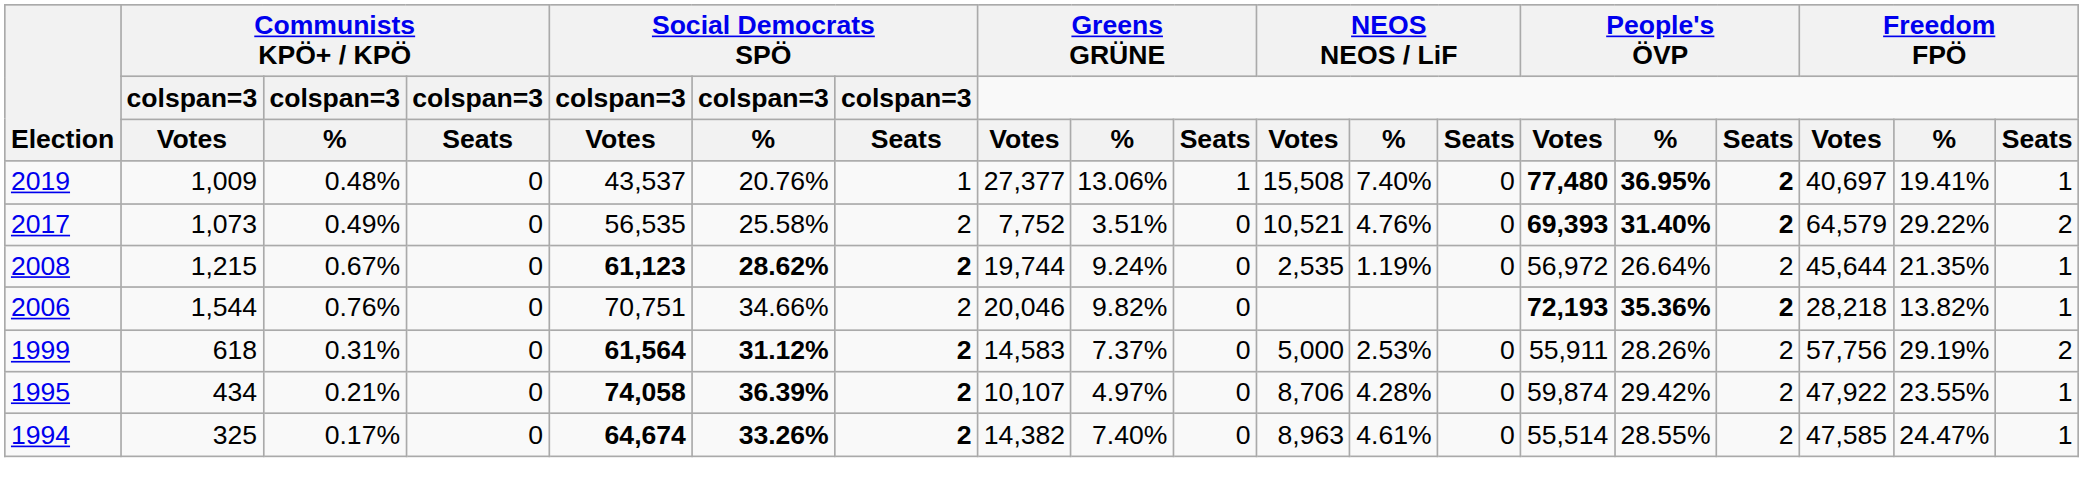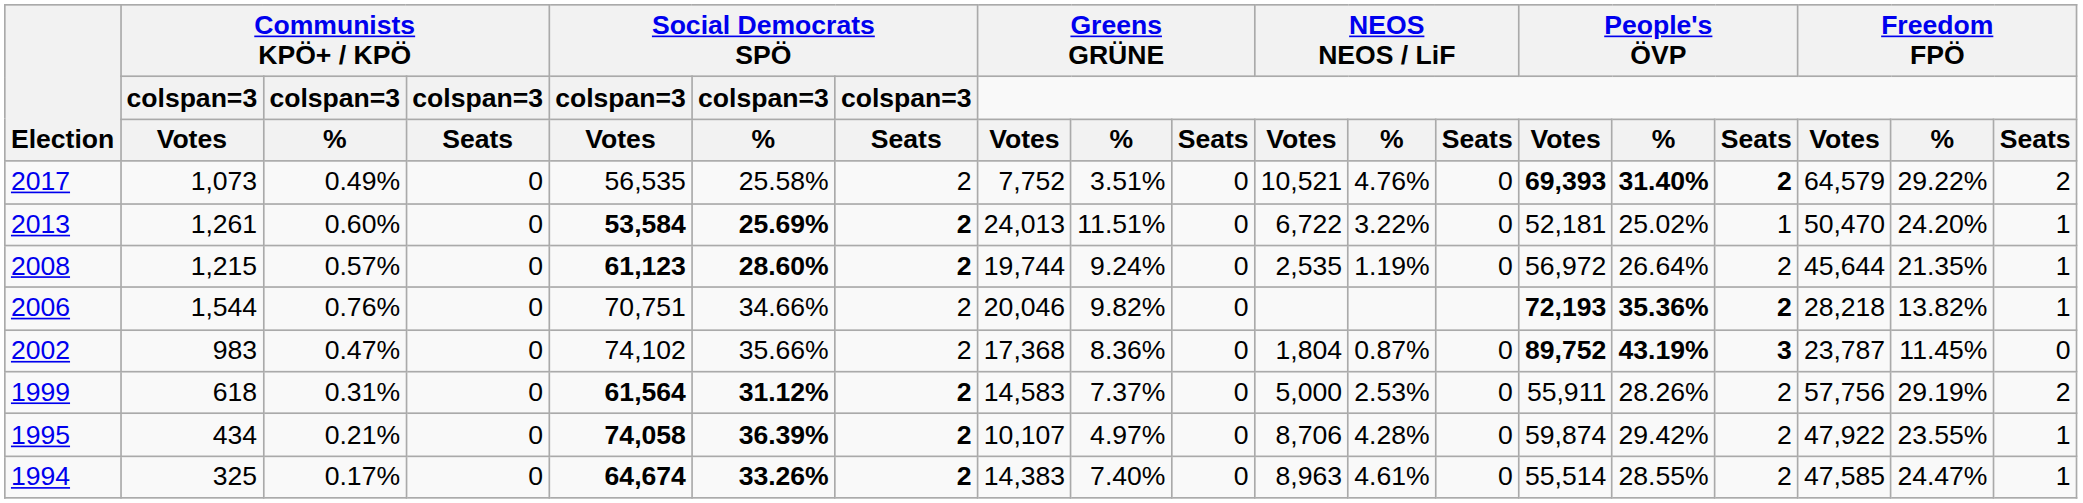 <table class="wikitable" border="1" style="font-size:100%; text-align:right;">
 <tr>
 <th style="text-align:left;" valign=bottom rowspan=3>Election</th>
 <th valign=bottom colspan=3><a href='#'>Communists</a><br>KPÖ+ / KPÖ</th>
 <th valign=bottom colspan=3><a href='#'>Social Democrats</a><br>SPÖ</th>
 <th valign=bottom colspan=3><a href='#'>Greens</a><br>GRÜNE</th>
 <th valign=bottom colspan=3><a href='#'>NEOS</a><br>NEOS / LiF</th>
 <th valign=bottom colspan=3><a href='#'>People's</a><br>ÖVP</th>
 <th valign=bottom colspan=3><a href='#'>Freedom</a><br>FPÖ</th>
 </tr>
 <tr>
 <th>colspan=3 </th>
 <th>colspan=3 </th>
 <th>colspan=3 </th>
 <th>colspan=3 </th>
 <th>colspan=3 </th>
 <th>colspan=3 </th>
 </tr>
 <tr>
 <th>Votes</th>
 <th>%</th>
 <th>Seats</th>
 <th>Votes</th>
 <th>%</th>
 <th>Seats</th>
 <th>Votes</th>
 <th>%</th>
 <th>Seats</th>
 <th>Votes</th>
 <th>%</th>
 <th>Seats</th>
 <th>Votes</th>
 <th>%</th>
 <th>Seats</th>
 <th>Votes</th>
 <th>%</th>
 <th>Seats</th>
 </tr>
 <tr>
-<td align=left><a href='#'>2019</a></td>
-<td>1,009</td>
-<td>0.48%</td>
-<td>0</td>
-<td>43,537</td>
-<td>20.76%</td>
-<td>1</td>
-<td>27,377</td>
-<td>13.06%</td>
-<td>1</td>
-<td>15,508</td>
-<td>7.40%</td>
-<td>0</td>
-<td><strong>77,480</strong></td>
-<td><strong>36.95%</strong></td>
-<td><strong>2</strong></td>
-<td>40,697</td>
-<td>19.41%</td>
-<td>1</td>
-</tr>
-<tr>
 <td align=left><a href='#'>2017</a></td>
 <td>1,073</td>
 <td>0.49%</td>
 <td>0</td>
 <td>56,535</td>
 <td>25.58%</td>
 <td>2</td>
 <td>7,752</td>
 <td>3.51%</td>
 <td>0</td>
 <td>10,521</td>
 <td>4.76%</td>
 <td>0</td>
 <td><strong>69,393</strong></td>
 <td><strong>31.40%</strong></td>
 <td><strong>2</strong></td>
 <td>64,579</td>
 <td>29.22%</td>
 <td>2</td>
 </tr>
 <tr>
+<td align=left><a href='#'>2013</a></td>
+<td>1,261</td>
+<td>0.60%</td>
+<td>0</td>
+<td><strong>53,584</strong></td>
+<td><strong>25.69%</strong></td>
+<td><strong>2</strong></td>
+<td>24,013</td>
+<td>11.51%</td>
+<td>0</td>
+<td>6,722</td>
+<td>3.22%</td>
+<td>0</td>
+<td>52,181</td>
+<td>25.02%</td>
+<td>1</td>
+<td>50,470</td>
+<td>24.20%</td>
+<td>1</td>
+</tr>
+<tr>
 <td align=left><a href='#'>2008</a></td>
 <td>1,215</td>
-<td>0.67%</td>
+<td>0.57%</td>
 <td>0</td>
 <td><strong>61,123</strong></td>
-<td><strong>28.62%</strong></td>
+<td><strong>28.60%</strong></td>
 <td><strong>2</strong></td>
 <td>19,744</td>
 <td>9.24%</td>
 <td>0</td>
 <td>2,535</td>
 <td>1.19%</td>
 <td>0</td>
 <td>56,972</td>
 <td>26.64%</td>
 <td>2</td>
 <td>45,644</td>
 <td>21.35%</td>
 <td>1</td>
 </tr>
 <tr>
 <td align=left><a href='#'>2006</a></td>
 <td>1,544</td>
 <td>0.76%</td>
 <td>0</td>
 <td>70,751</td>
 <td>34.66%</td>
 <td>2</td>
 <td>20,046</td>
 <td>9.82%</td>
 <td>0</td>
 <td></td>
 <td></td>
 <td></td>
 <td><strong>72,193</strong></td>
 <td><strong>35.36%</strong></td>
 <td><strong>2</strong></td>
 <td>28,218</td>
 <td>13.82%</td>
 <td>1</td>
+</tr>
+<tr>
+<td align=left><a href='#'>2002</a></td>
+<td>983</td>
+<td>0.47%</td>
+<td>0</td>
+<td>74,102</td>
+<td>35.66%</td>
+<td>2</td>
+<td>17,368</td>
+<td>8.36%</td>
+<td>0</td>
+<td>1,804</td>
+<td>0.87%</td>
+<td>0</td>
+<td><strong>89,752</strong></td>
+<td><strong>43.19%</strong></td>
+<td><strong>3</strong></td>
+<td>23,787</td>
+<td>11.45%</td>
+<td>0</td>
 </tr>
 <tr>
 <td align=left><a href='#'>1999</a></td>
 <td>618</td>
 <td>0.31%</td>
 <td>0</td>
 <td><strong>61,564</strong></td>
 <td><strong>31.12%</strong></td>
 <td><strong>2</strong></td>
 <td>14,583</td>
 <td>7.37%</td>
 <td>0</td>
 <td>5,000</td>
 <td>2.53%</td>
 <td>0</td>
 <td>55,911</td>
 <td>28.26%</td>
 <td>2</td>
 <td>57,756</td>
 <td>29.19%</td>
 <td>2</td>
 </tr>
 <tr>
 <td align=left><a href='#'>1995</a></td>
 <td>434</td>
 <td>0.21%</td>
 <td>0</td>
 <td><strong>74,058</strong></td>
 <td><strong>36.39%</strong></td>
 <td><strong>2</strong></td>
 <td>10,107</td>
 <td>4.97%</td>
 <td>0</td>
 <td>8,706</td>
 <td>4.28%</td>
 <td>0</td>
 <td>59,874</td>
 <td>29.42%</td>
 <td>2</td>
 <td>47,922</td>
 <td>23.55%</td>
 <td>1</td>
 </tr>
 <tr>
 <td align=left><a href='#'>1994</a></td>
 <td>325</td>
 <td>0.17%</td>
 <td>0</td>
 <td><strong>64,674</strong></td>
 <td><strong>33.26%</strong></td>
 <td><strong>2</strong></td>
-<td>14,382</td>
+<td>14,383</td>
 <td>7.40%</td>
 <td>0</td>
 <td>8,963</td>
 <td>4.61%</td>
 <td>0</td>
 <td>55,514</td>
 <td>28.55%</td>
 <td>2</td>
 <td>47,585</td>
 <td>24.47%</td>
 <td>1</td>
 </tr>
 </table>
